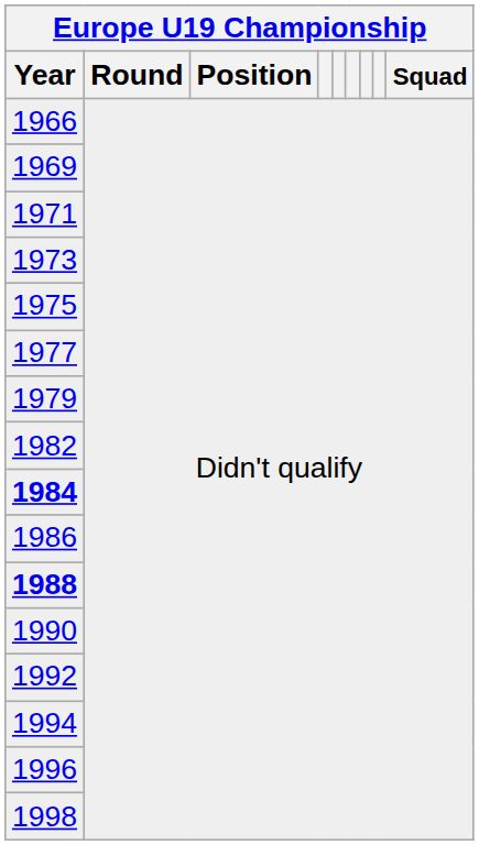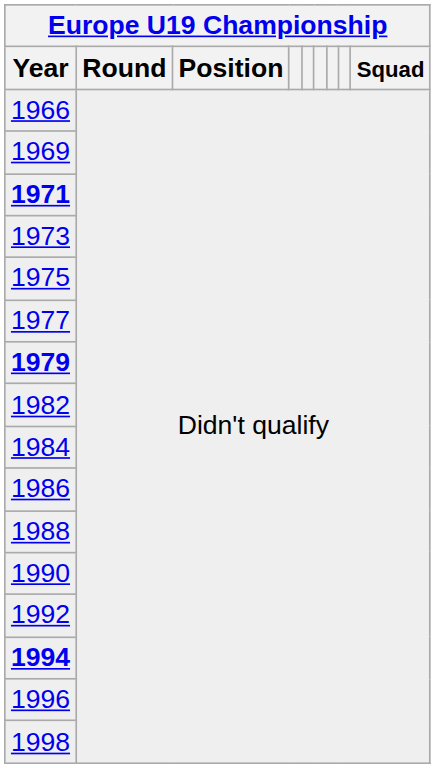 <table class="wikitable" style="text-align: center;">
 <tr>
 <th colspan=9><a href='#'>Europe U19 Championship</a></th>
 </tr>
 <tr>
 <th>Year</th>
 <th>Round</th>
 <th>Position</th>
 <th></th>
 <th></th>
 <th></th>
 <th></th>
 <th></th>
 <th><small>Squad</small></th>
 </tr>
 <tr bgcolor="efefef">
 <td> <a href='#'>1966</a></td>
 <td colspan=8 rowspan=16>Didn't qualify</td>
 </tr>
 <tr bgcolor="efefef">
 <td> <a href='#'>1969</a></td>
 </tr>
 <tr bgcolor="efefef">
-<td> <a href='#'>1971</a></td>
+<td><strong> <a href='#'>1971</a></strong></td>
 </tr>
 <tr bgcolor="efefef">
 <td> <a href='#'>1973</a></td>
 </tr>
 <tr bgcolor="efefef">
 <td> <a href='#'>1975</a></td>
 </tr>
 <tr bgcolor="efefef">
 <td> <a href='#'>1977</a></td>
 </tr>
 <tr bgcolor="efefef">
-<td> <a href='#'>1979</a></td>
+<td><strong> <a href='#'>1979</a></strong></td>
 </tr>
 <tr bgcolor="efefef">
 <td> <a href='#'>1982</a></td>
 </tr>
 <tr bgcolor="efefef">
-<td><strong> <a href='#'>1984</a></strong></td>
+<td> <a href='#'>1984</a></td>
 </tr>
 <tr bgcolor="efefef">
 <td> <a href='#'>1986</a></td>
 </tr>
 <tr bgcolor="efefef">
-<td><strong> <a href='#'>1988</a></strong></td>
+<td> <a href='#'>1988</a></td>
 </tr>
 <tr bgcolor="efefef">
 <td> <a href='#'>1990</a></td>
 </tr>
 <tr bgcolor="efefef">
 <td> <a href='#'>1992</a></td>
 </tr>
 <tr bgcolor="efefef">
-<td> <a href='#'>1994</a></td>
+<td><strong> <a href='#'>1994</a></strong></td>
 </tr>
 <tr bgcolor="efefef">
 <td> <a href='#'>1996</a></td>
 </tr>
 <tr bgcolor="efefef">
 <td> <a href='#'>1998</a></td>
 </tr>
 <tr>
 </tr>
 </table>
